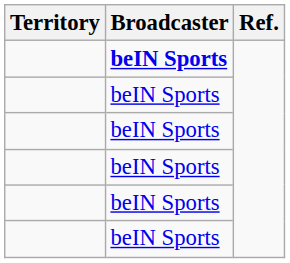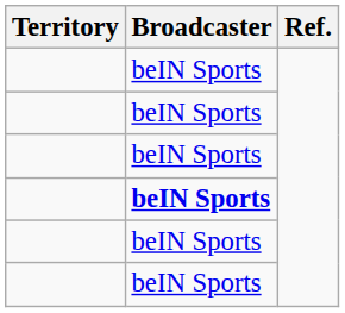 <table class="wikitable">
 <tr>
 <th>Territory</th>
 <th>Broadcaster</th>
 <th>Ref.</th>
 </tr>
 <tr>
 <td></td>
-<td><strong><a href='#'>beIN Sports</a></strong></td>
+<td><a href='#'>beIN Sports</a></td>
 <td rowspan="6"></td>
 </tr>
 <tr>
 <td></td>
 <td><a href='#'>beIN Sports</a></td>
 </tr>
 <tr>
 <td></td>
 <td><a href='#'>beIN Sports</a></td>
 </tr>
 <tr>
 <td></td>
-<td><a href='#'>beIN Sports</a></td>
+<td><strong><a href='#'>beIN Sports</a></strong></td>
 </tr>
 <tr>
 <td></td>
 <td><a href='#'>beIN Sports</a></td>
 </tr>
 <tr>
 <td></td>
 <td><a href='#'>beIN Sports</a></td>
 </tr>
 </table>
